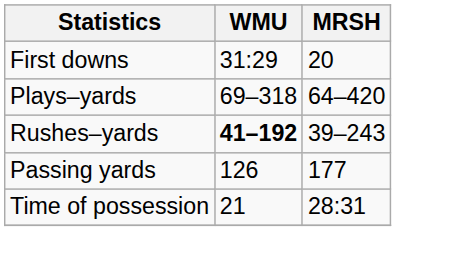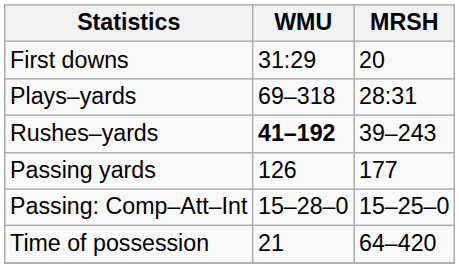 <table class="wikitable" style="float: left;">
 <tr>
 <th>Statistics</th>
 <th>WMU</th>
 <th>MRSH</th>
 </tr>
 <tr>
 <td>First downs</td>
 <td>31:29</td>
 <td>20</td>
 </tr>
 <tr>
 <td>Plays–yards</td>
 <td>69–318</td>
-<td>64–420</td>
+<td>28:31</td>
 </tr>
 <tr>
 <td>Rushes–yards</td>
 <td><strong>41–192</strong></td>
 <td>39–243</td>
 </tr>
 <tr>
 <td>Passing yards</td>
 <td>126</td>
 <td>177</td>
 </tr>
 <tr>
+<td>Passing: Comp–Att–Int</td>
+<td>15–28–0</td>
+<td>15–25–0</td>
+</tr>
+<tr>
 <td>Time of possession</td>
 <td>21</td>
-<td>28:31</td>
+<td>64–420</td>
 </tr>
 <tr>
 </tr>
 </table>
